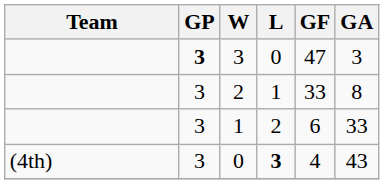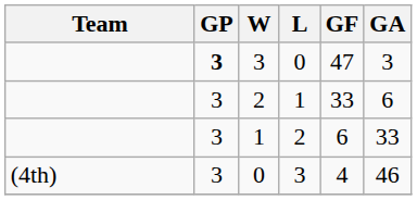 <table class="wikitable" style="text-align:center">
 <tr>
 <th width="120">Team</th>
 <th width="20">GP</th>
 <th width="20">W</th>
 <th width="20">L</th>
 <th width="20">GF</th>
 <th width="20">GA</th>
 </tr>
 <tr>
 <td align=left></td>
 <td><strong>3</strong></td>
 <td>3</td>
 <td>0</td>
 <td>47</td>
 <td>3</td>
 </tr>
 <tr>
 <td align=left></td>
 <td>3</td>
 <td>2</td>
 <td>1</td>
 <td>33</td>
-<td>8</td>
+<td>6</td>
 </tr>
 <tr>
 <td align=left></td>
 <td>3</td>
 <td>1</td>
 <td>2</td>
 <td>6</td>
 <td>33</td>
 </tr>
 <tr>
 <td align=left> (4th)</td>
 <td>3</td>
 <td>0</td>
-<td><strong>3</strong></td>
+<td>3</td>
 <td>4</td>
-<td>43</td>
+<td>46</td>
 </tr>
 <tr>
 </tr>
 </table>
